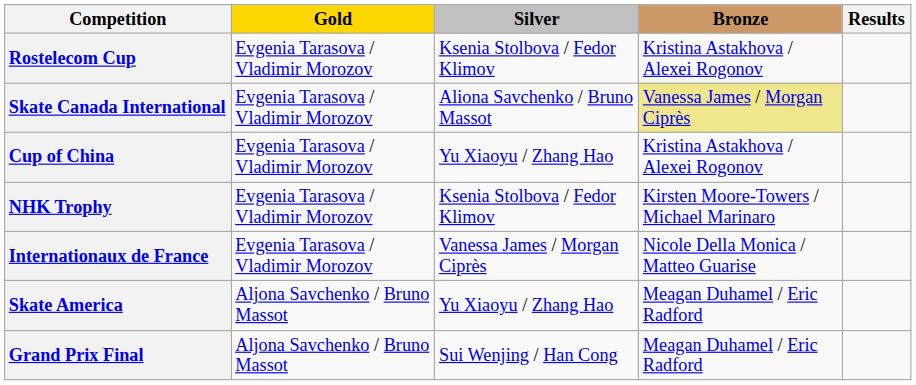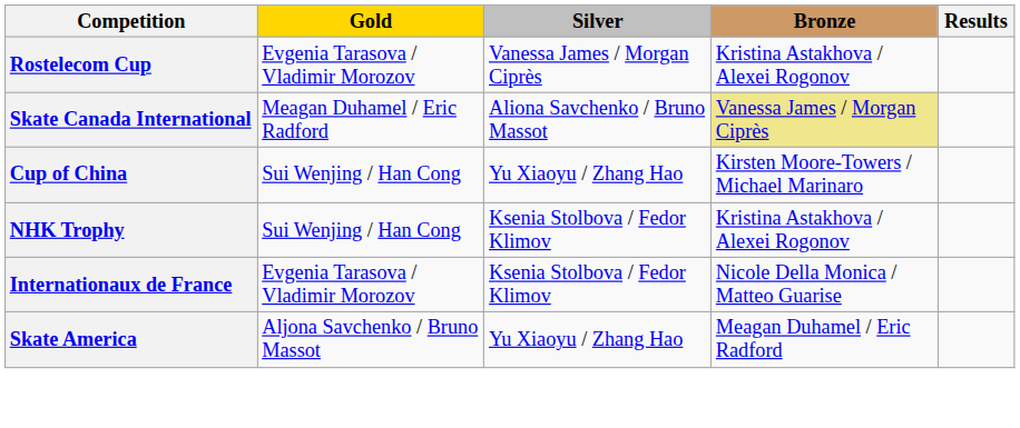 <table class="wikitable unsortable" style="text-align:left; width:90%">
 <tr>
 <th scope="col" style="text-align:center; width:25%;">Competition</th>
 <td scope="col" style="text-align:center; width:22.5%; background:gold"><strong>Gold</strong></td>
 <td scope="col" style="text-align:center; width:22.5%; background:silver"><strong>Silver</strong></td>
 <td scope="col" style="text-align:center; width:22.5%; background:#c96"><strong>Bronze</strong></td>
 <th scope="col" style="text-align:center; width:7.5%;">Results</th>
 </tr>
 <tr>
 <th scope="row" style="text-align:left"> <a href='#'>Rostelecom Cup</a></th>
 <td> <a href='#'>Evgenia Tarasova</a> / <a href='#'>Vladimir Morozov</a></td>
-<td> <a href='#'>Ksenia Stolbova</a> / <a href='#'>Fedor Klimov</a></td>
+<td> <a href='#'>Vanessa James</a> / <a href='#'>Morgan Ciprès</a></td>
 <td> <a href='#'>Kristina Astakhova</a> / <a href='#'>Alexei Rogonov</a></td>
 <td></td>
 </tr>
 <tr>
 <th scope="row" style="text-align:left"> <a href='#'>Skate Canada International</a></th>
-<td> <a href='#'>Evgenia Tarasova</a> / <a href='#'>Vladimir Morozov</a></td>
+<td> <a href='#'>Meagan Duhamel</a> / <a href='#'>Eric Radford</a></td>
 <td> <a href='#'>Aliona Savchenko</a> / <a href='#'>Bruno Massot</a></td>
 <td style="background: khaki;"> <a href='#'>Vanessa James</a> / <a href='#'>Morgan Ciprès</a></td>
 <td></td>
 </tr>
 <tr>
 <th scope="row" style="text-align:left"> <a href='#'>Cup of China</a></th>
-<td> <a href='#'>Evgenia Tarasova</a> / <a href='#'>Vladimir Morozov</a></td>
+<td> <a href='#'>Sui Wenjing</a> / <a href='#'>Han Cong</a></td>
 <td> <a href='#'>Yu Xiaoyu</a> / <a href='#'>Zhang Hao</a></td>
-<td> <a href='#'>Kristina Astakhova</a> / <a href='#'>Alexei Rogonov</a></td>
+<td> <a href='#'>Kirsten Moore-Towers</a> / <a href='#'>Michael Marinaro</a></td>
 <td></td>
 </tr>
 <tr>
 <th scope="row" style="text-align:left"> <a href='#'>NHK Trophy</a></th>
-<td> <a href='#'>Evgenia Tarasova</a> / <a href='#'>Vladimir Morozov</a></td>
+<td> <a href='#'>Sui Wenjing</a> / <a href='#'>Han Cong</a></td>
 <td> <a href='#'>Ksenia Stolbova</a> / <a href='#'>Fedor Klimov</a></td>
-<td> <a href='#'>Kirsten Moore-Towers</a> / <a href='#'>Michael Marinaro</a></td>
+<td> <a href='#'>Kristina Astakhova</a> / <a href='#'>Alexei Rogonov</a></td>
 <td></td>
 </tr>
 <tr>
 <th scope="row" style="text-align:left"> <a href='#'>Internationaux de France</a></th>
 <td> <a href='#'>Evgenia Tarasova</a> / <a href='#'>Vladimir Morozov</a></td>
-<td> <a href='#'>Vanessa James</a> / <a href='#'>Morgan Ciprès</a></td>
+<td> <a href='#'>Ksenia Stolbova</a> / <a href='#'>Fedor Klimov</a></td>
 <td> <a href='#'>Nicole Della Monica</a> / <a href='#'>Matteo Guarise</a></td>
 <td></td>
 </tr>
 <tr>
 <th scope="row" style="text-align:left"> <a href='#'>Skate America</a></th>
 <td> <a href='#'>Aljona Savchenko</a> / <a href='#'>Bruno Massot</a></td>
 <td> <a href='#'>Yu Xiaoyu</a> / <a href='#'>Zhang Hao</a></td>
 <td> <a href='#'>Meagan Duhamel</a> / <a href='#'>Eric Radford</a></td>
 <td></td>
 </tr>
-<tr>
-<th scope="row" style="text-align:left"> <a href='#'>Grand Prix Final</a></th>
-<td> <a href='#'>Aljona Savchenko</a> / <a href='#'>Bruno Massot</a></td>
-<td> <a href='#'>Sui Wenjing</a> / <a href='#'>Han Cong</a></td>
-<td> <a href='#'>Meagan Duhamel</a> / <a href='#'>Eric Radford</a></td>
-<td></td>
-</tr>
 </table>
